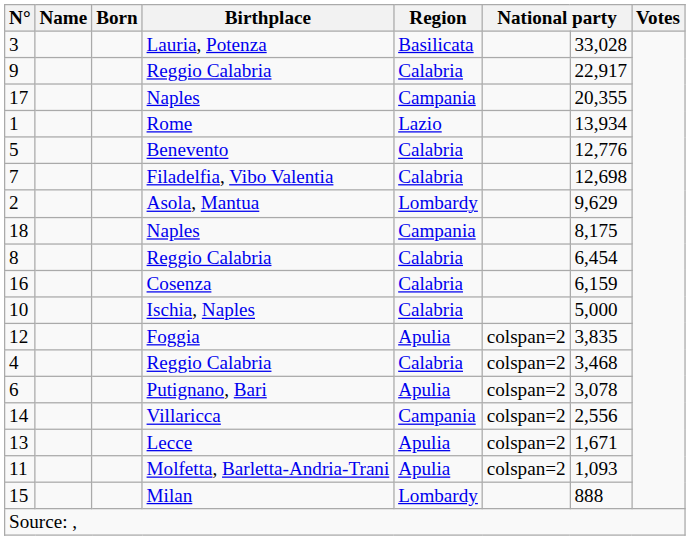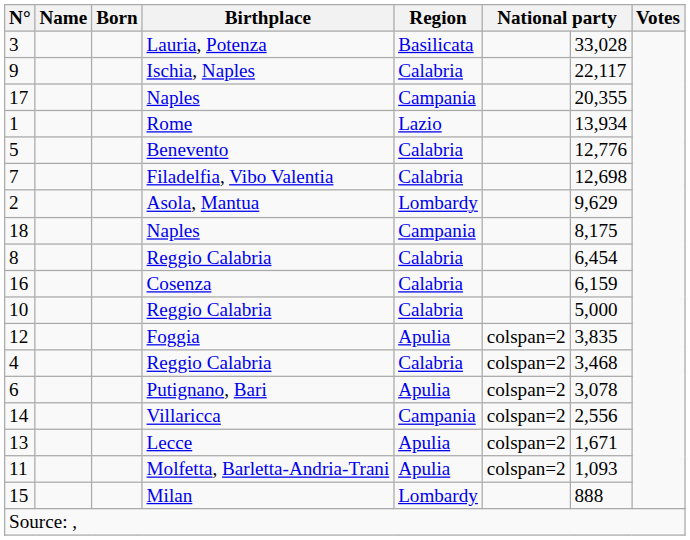 <table class="wikitable sortable" style="font-size:95%;line-height:14px;">
 <tr>
 <th>N°</th>
 <th>Name</th>
 <th>Born</th>
 <th>Birthplace</th>
 <th>Region</th>
 <th colspan="2">National party</th>
 <th>Votes</th>
 </tr>
 <tr>
 <td>3</td>
 <td></td>
 <td></td>
 <td><a href='#'>Lauria</a>, <a href='#'>Potenza</a></td>
 <td><a href='#'>Basilicata</a></td>
 <td></td>
 <td>33,028</td>
 </tr>
 <tr>
 <td>9</td>
 <td><em></em></td>
 <td></td>
-<td><a href='#'>Reggio Calabria</a></td>
+<td><a href='#'>Ischia</a>, <a href='#'>Naples</a></td>
 <td><a href='#'>Calabria</a></td>
 <td></td>
-<td>22,917</td>
+<td>22,117</td>
 </tr>
 <tr>
 <td>17</td>
 <td></td>
 <td></td>
 <td><a href='#'>Naples</a></td>
 <td><a href='#'>Campania</a></td>
 <td></td>
 <td>20,355</td>
 </tr>
 <tr>
 <td>1</td>
 <td></td>
 <td></td>
 <td><a href='#'>Rome</a></td>
 <td><a href='#'>Lazio</a></td>
 <td></td>
 <td>13,934</td>
 </tr>
 <tr>
 <td>5</td>
 <td></td>
 <td></td>
 <td><a href='#'>Benevento</a></td>
 <td><a href='#'>Calabria</a></td>
 <td></td>
 <td>12,776</td>
 </tr>
 <tr>
 <td>7</td>
 <td></td>
 <td></td>
 <td><a href='#'>Filadelfia</a>, <a href='#'>Vibo Valentia</a></td>
 <td><a href='#'>Calabria</a></td>
 <td></td>
 <td>12,698</td>
 </tr>
 <tr>
 <td>2</td>
 <td></td>
 <td></td>
 <td><a href='#'>Asola</a>, <a href='#'>Mantua</a></td>
 <td><a href='#'>Lombardy</a></td>
 <td></td>
 <td>9,629</td>
 </tr>
 <tr>
 <td>18</td>
 <td></td>
 <td></td>
 <td><a href='#'>Naples</a></td>
 <td><a href='#'>Campania</a></td>
 <td></td>
 <td>8,175</td>
 </tr>
 <tr>
 <td>8</td>
 <td></td>
 <td></td>
 <td><a href='#'>Reggio Calabria</a></td>
 <td><a href='#'>Calabria</a></td>
 <td></td>
 <td>6,454</td>
 </tr>
 <tr>
 <td>16</td>
 <td></td>
 <td></td>
 <td><a href='#'>Cosenza</a></td>
 <td><a href='#'>Calabria</a></td>
 <td></td>
 <td>6,159</td>
 </tr>
 <tr>
 <td>10</td>
 <td></td>
 <td></td>
-<td><a href='#'>Ischia</a>, <a href='#'>Naples</a></td>
+<td><a href='#'>Reggio Calabria</a></td>
 <td><a href='#'>Calabria</a></td>
 <td></td>
 <td>5,000</td>
 </tr>
 <tr>
 <td>12</td>
 <td></td>
 <td></td>
 <td><a href='#'>Foggia</a></td>
 <td><a href='#'>Apulia</a></td>
 <td>colspan=2 </td>
 <td>3,835</td>
 </tr>
 <tr>
 <td>4</td>
 <td></td>
 <td></td>
 <td><a href='#'>Reggio Calabria</a></td>
 <td><a href='#'>Calabria</a></td>
 <td>colspan=2 </td>
 <td>3,468</td>
 </tr>
 <tr>
 <td>6</td>
 <td></td>
 <td></td>
 <td><a href='#'>Putignano</a>, <a href='#'>Bari</a></td>
 <td><a href='#'>Apulia</a></td>
 <td>colspan=2 </td>
 <td>3,078</td>
 </tr>
 <tr>
 <td>14</td>
 <td></td>
 <td></td>
 <td><a href='#'>Villaricca</a></td>
 <td><a href='#'>Campania</a></td>
 <td>colspan=2 </td>
 <td>2,556</td>
 </tr>
 <tr>
 <td>13</td>
 <td></td>
 <td></td>
 <td><a href='#'>Lecce</a></td>
 <td><a href='#'>Apulia</a></td>
 <td>colspan=2 </td>
 <td>1,671</td>
 </tr>
 <tr>
 <td>11</td>
 <td></td>
 <td></td>
 <td><a href='#'>Molfetta</a>, <a href='#'>Barletta-Andria-Trani</a></td>
 <td><a href='#'>Apulia</a></td>
 <td>colspan=2 </td>
 <td>1,093</td>
 </tr>
 <tr>
 <td>15</td>
 <td></td>
 <td></td>
 <td><a href='#'>Milan</a></td>
 <td><a href='#'>Lombardy</a></td>
 <td></td>
 <td>888</td>
 </tr>
 <tr>
 <td colspan="8">Source: , </td>
 </tr>
 </table>
